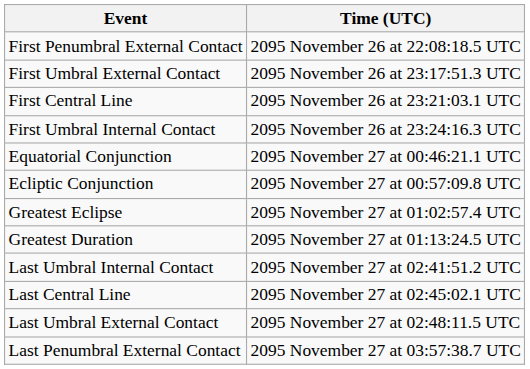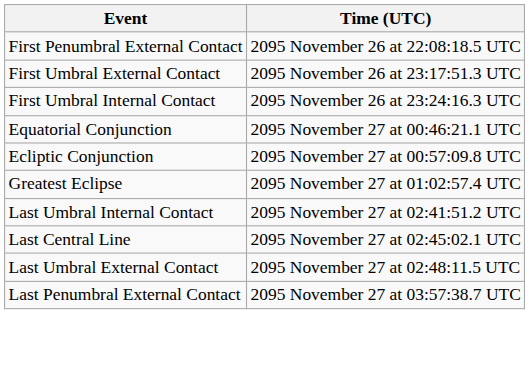 <table class="wikitable">
 <tr>
 <th>Event</th>
 <th>Time (UTC)</th>
 </tr>
 <tr>
 <td>First Penumbral External Contact</td>
 <td>2095 November 26 at 22:08:18.5 UTC</td>
 </tr>
 <tr>
 <td>First Umbral External Contact</td>
 <td>2095 November 26 at 23:17:51.3 UTC</td>
-</tr>
-<tr>
-<td>First Central Line</td>
-<td>2095 November 26 at 23:21:03.1 UTC</td>
 </tr>
 <tr>
 <td>First Umbral Internal Contact</td>
 <td>2095 November 26 at 23:24:16.3 UTC</td>
 </tr>
 <tr>
 <td>Equatorial Conjunction</td>
 <td>2095 November 27 at 00:46:21.1 UTC</td>
 </tr>
 <tr>
 <td>Ecliptic Conjunction</td>
 <td>2095 November 27 at 00:57:09.8 UTC</td>
 </tr>
 <tr>
 <td>Greatest Eclipse</td>
 <td>2095 November 27 at 01:02:57.4 UTC</td>
 </tr>
 <tr>
-<td>Greatest Duration</td>
-<td>2095 November 27 at 01:13:24.5 UTC</td>
-</tr>
-<tr>
 <td>Last Umbral Internal Contact</td>
 <td>2095 November 27 at 02:41:51.2 UTC</td>
 </tr>
 <tr>
 <td>Last Central Line</td>
 <td>2095 November 27 at 02:45:02.1 UTC</td>
 </tr>
 <tr>
 <td>Last Umbral External Contact</td>
 <td>2095 November 27 at 02:48:11.5 UTC</td>
 </tr>
 <tr>
 <td>Last Penumbral External Contact</td>
 <td>2095 November 27 at 03:57:38.7 UTC</td>
 </tr>
 </table>
